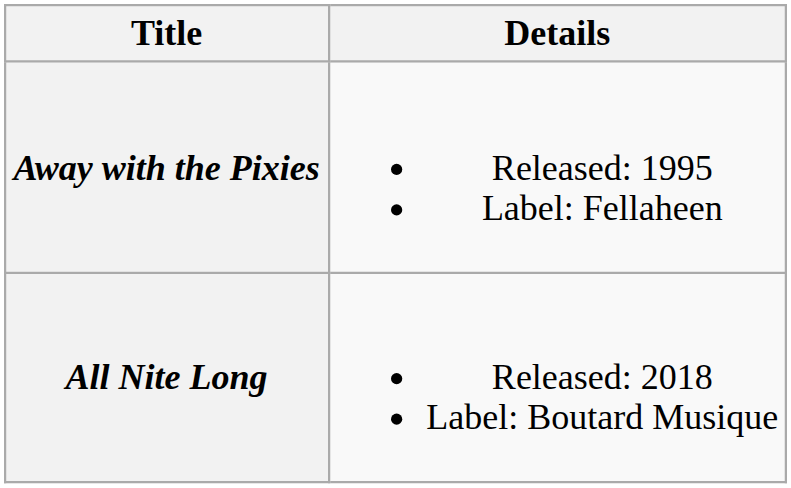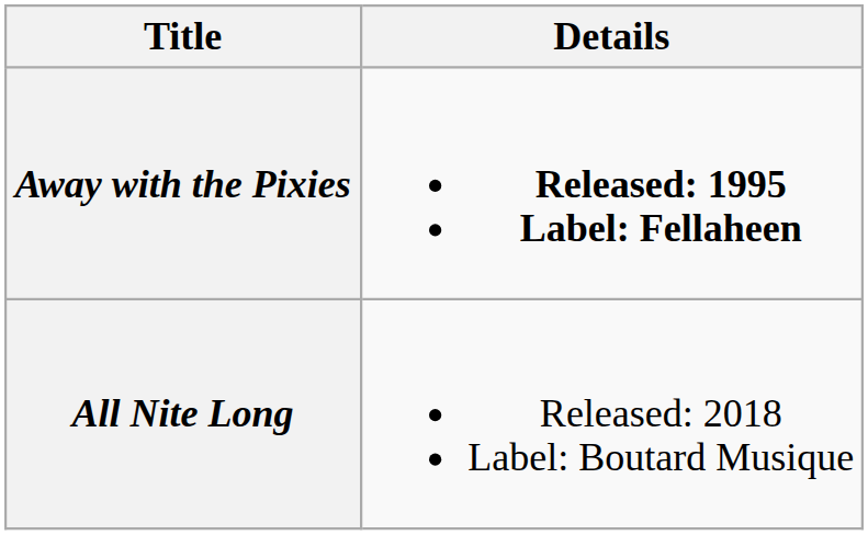 <table class="wikitable plainrowheaders" style="text-align:center">
 <tr>
 <th>Title</th>
 <th>Details</th>
 </tr>
 <tr>
 <th scope="row"><em>Away with the Pixies</em></th>
-<td><br><ul><li>Released: 1995</li><li>Label: Fellaheen</li></ul></td>
+<td><strong><br><ul><li>Released: 1995</li><li>Label: Fellaheen</li></ul></strong></td>
 </tr>
 <tr>
 <th scope="row"><em>All Nite Long</em></th>
 <td><br><ul><li>Released: 2018</li><li>Label: Boutard Musique</li></ul></td>
 </tr>
 </table>
